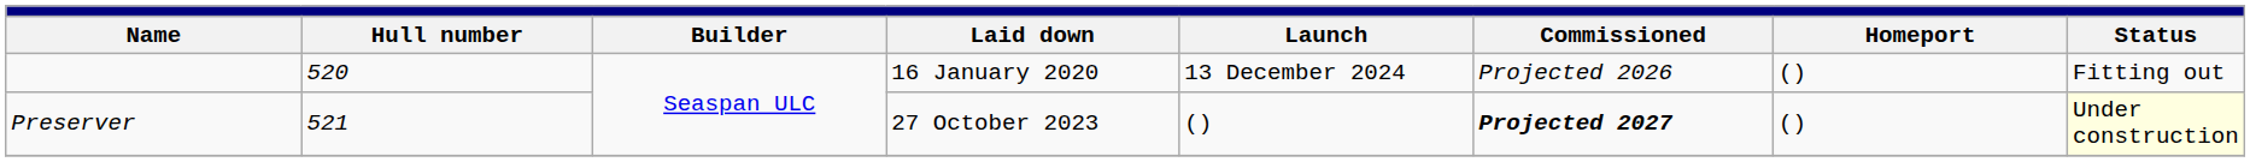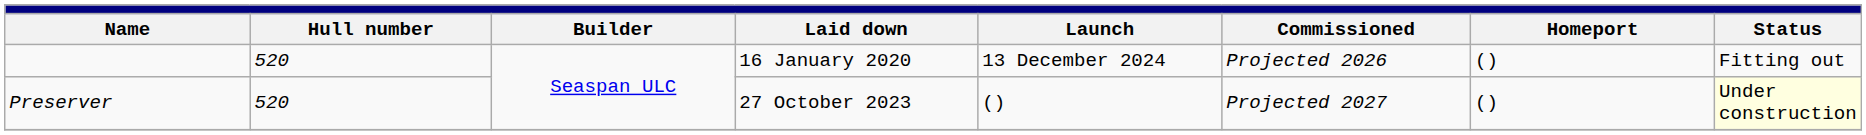 <table class="wikitable" style="margin:auto; width:100%;">
 <tr>
 <th style="align: center; background: #000080;" colspan="8"><strong></strong></th>
 </tr>
 <tr>
 <th style="text-align:center; width:14%;">Name</th>
 <th style="text-align:center; width:14%;">Hull number</th>
 <th style="text-align:center; width:14%;">Builder</th>
 <th style="text-align:center; width:14%;">Laid down</th>
 <th style="text-align:center; width:14%;">Launch</th>
 <th style="text-align:center; width:14%;">Commissioned</th>
 <th style="text-align:center; width:14%;">Homeport</th>
 <th style="text-align:center; width:2%;">Status</th>
 </tr>
 <tr>
 <td></td>
 <td><em>520</em> </td>
 <td rowspan="2" align="center"><a href='#'>Seaspan ULC</a></td>
 <td>16 January 2020</td>
 <td>13 December 2024</td>
 <td><em>Projected 2026</em></td>
 <td>()</td>
 <td>Fitting out</td>
 </tr>
 <tr>
 <td><em>Preserver</em></td>
-<td><em>521</em></td>
+<td><em>520</em></td>
 <td>27 October 2023</td>
 <td>()</td>
-<td><strong><em>Projected 2027</em></strong></td>
+<td><em>Projected 2027</em></td>
 <td>()</td>
 <td style="background: lightyellow;">Under construction</td>
 </tr>
 <tr>
 </tr>
 </table>
